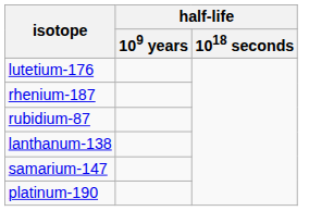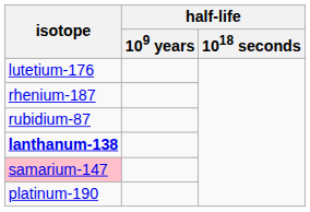 <table class="wikitable sortable">
 <tr>
 <th rowspan=2>isotope</th>
 <th colspan=2>half-life</th>
 </tr>
 <tr>
 <th class=unsortable>10<sup>9</sup> years</th>
 <th class=unsortable>10<sup>18</sup> seconds</th>
 </tr>
 <tr>
 <td><a href='#'>lutetium-176</a></td>
 <td></td>
 </tr>
 <tr>
 <td><a href='#'>rhenium-187</a></td>
 <td></td>
 </tr>
 <tr>
 <td><a href='#'>rubidium-87</a></td>
 <td></td>
 </tr>
 <tr>
-<td><a href='#'>lanthanum-138</a></td>
+<td><strong><a href='#'>lanthanum-138</a></strong></td>
 <td></td>
 </tr>
 <tr>
-<td><a href='#'>samarium-147</a></td>
+<td style="background: pink;"><a href='#'>samarium-147</a></td>
 <td></td>
 </tr>
 <tr>
 <td><a href='#'>platinum-190</a></td>
 <td></td>
 </tr>
 </table>
